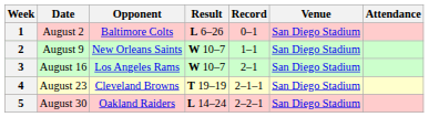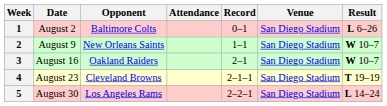 <table class="wikitable" style="text-align:center">
 <tr>
 <th>Week</th>
 <th>Date</th>
 <th>Opponent</th>
-<th>Result</th>
+<th>Attendance</th>
 <th>Record</th>
 <th>Venue</th>
-<th>Attendance</th>
+<th>Result</th>
 </tr>
 <tr style="background:#fcc">
 <th>1</th>
 <td>August 2</td>
 <td><a href='#'>Baltimore Colts</a></td>
-<td><strong>L</strong> 6–26</td>
+<td></td>
 <td>0–1</td>
 <td><a href='#'>San Diego Stadium</a></td>
-<td></td>
+<td><strong>L</strong> 6–26</td>
 </tr>
 <tr style="background:#cfc">
 <th>2</th>
 <td>August 9</td>
 <td><a href='#'>New Orleans Saints</a></td>
-<td><strong>W</strong> 10–7</td>
+<td></td>
 <td>1–1</td>
 <td><a href='#'>San Diego Stadium</a></td>
-<td></td>
+<td><strong>W</strong> 10–7</td>
 </tr>
 <tr style="background:#cfc">
 <th>3</th>
 <td>August 16</td>
-<td><a href='#'>Los Angeles Rams</a></td>
-<td><strong>W</strong> 10–7</td>
+<td><a href='#'>Oakland Raiders</a></td>
+<td></td>
 <td>2–1</td>
 <td><a href='#'>San Diego Stadium</a></td>
-<td></td>
+<td><strong>W</strong> 10–7</td>
 </tr>
 <tr style="background:#ffc">
 <th>4</th>
 <td>August 23</td>
 <td><a href='#'>Cleveland Browns</a></td>
-<td><strong>T</strong> 19–19</td>
+<td></td>
 <td>2–1–1</td>
 <td><a href='#'>San Diego Stadium</a></td>
-<td></td>
+<td><strong>T</strong> 19–19</td>
 </tr>
 <tr style="background:#fcc">
 <th>5</th>
 <td>August 30</td>
-<td><a href='#'>Oakland Raiders</a></td>
-<td><strong>L</strong> 14–24</td>
+<td><a href='#'>Los Angeles Rams</a></td>
+<td></td>
 <td>2–2–1</td>
 <td><a href='#'>San Diego Stadium</a></td>
-<td></td>
+<td><strong>L</strong> 14–24</td>
 </tr>
 </table>
